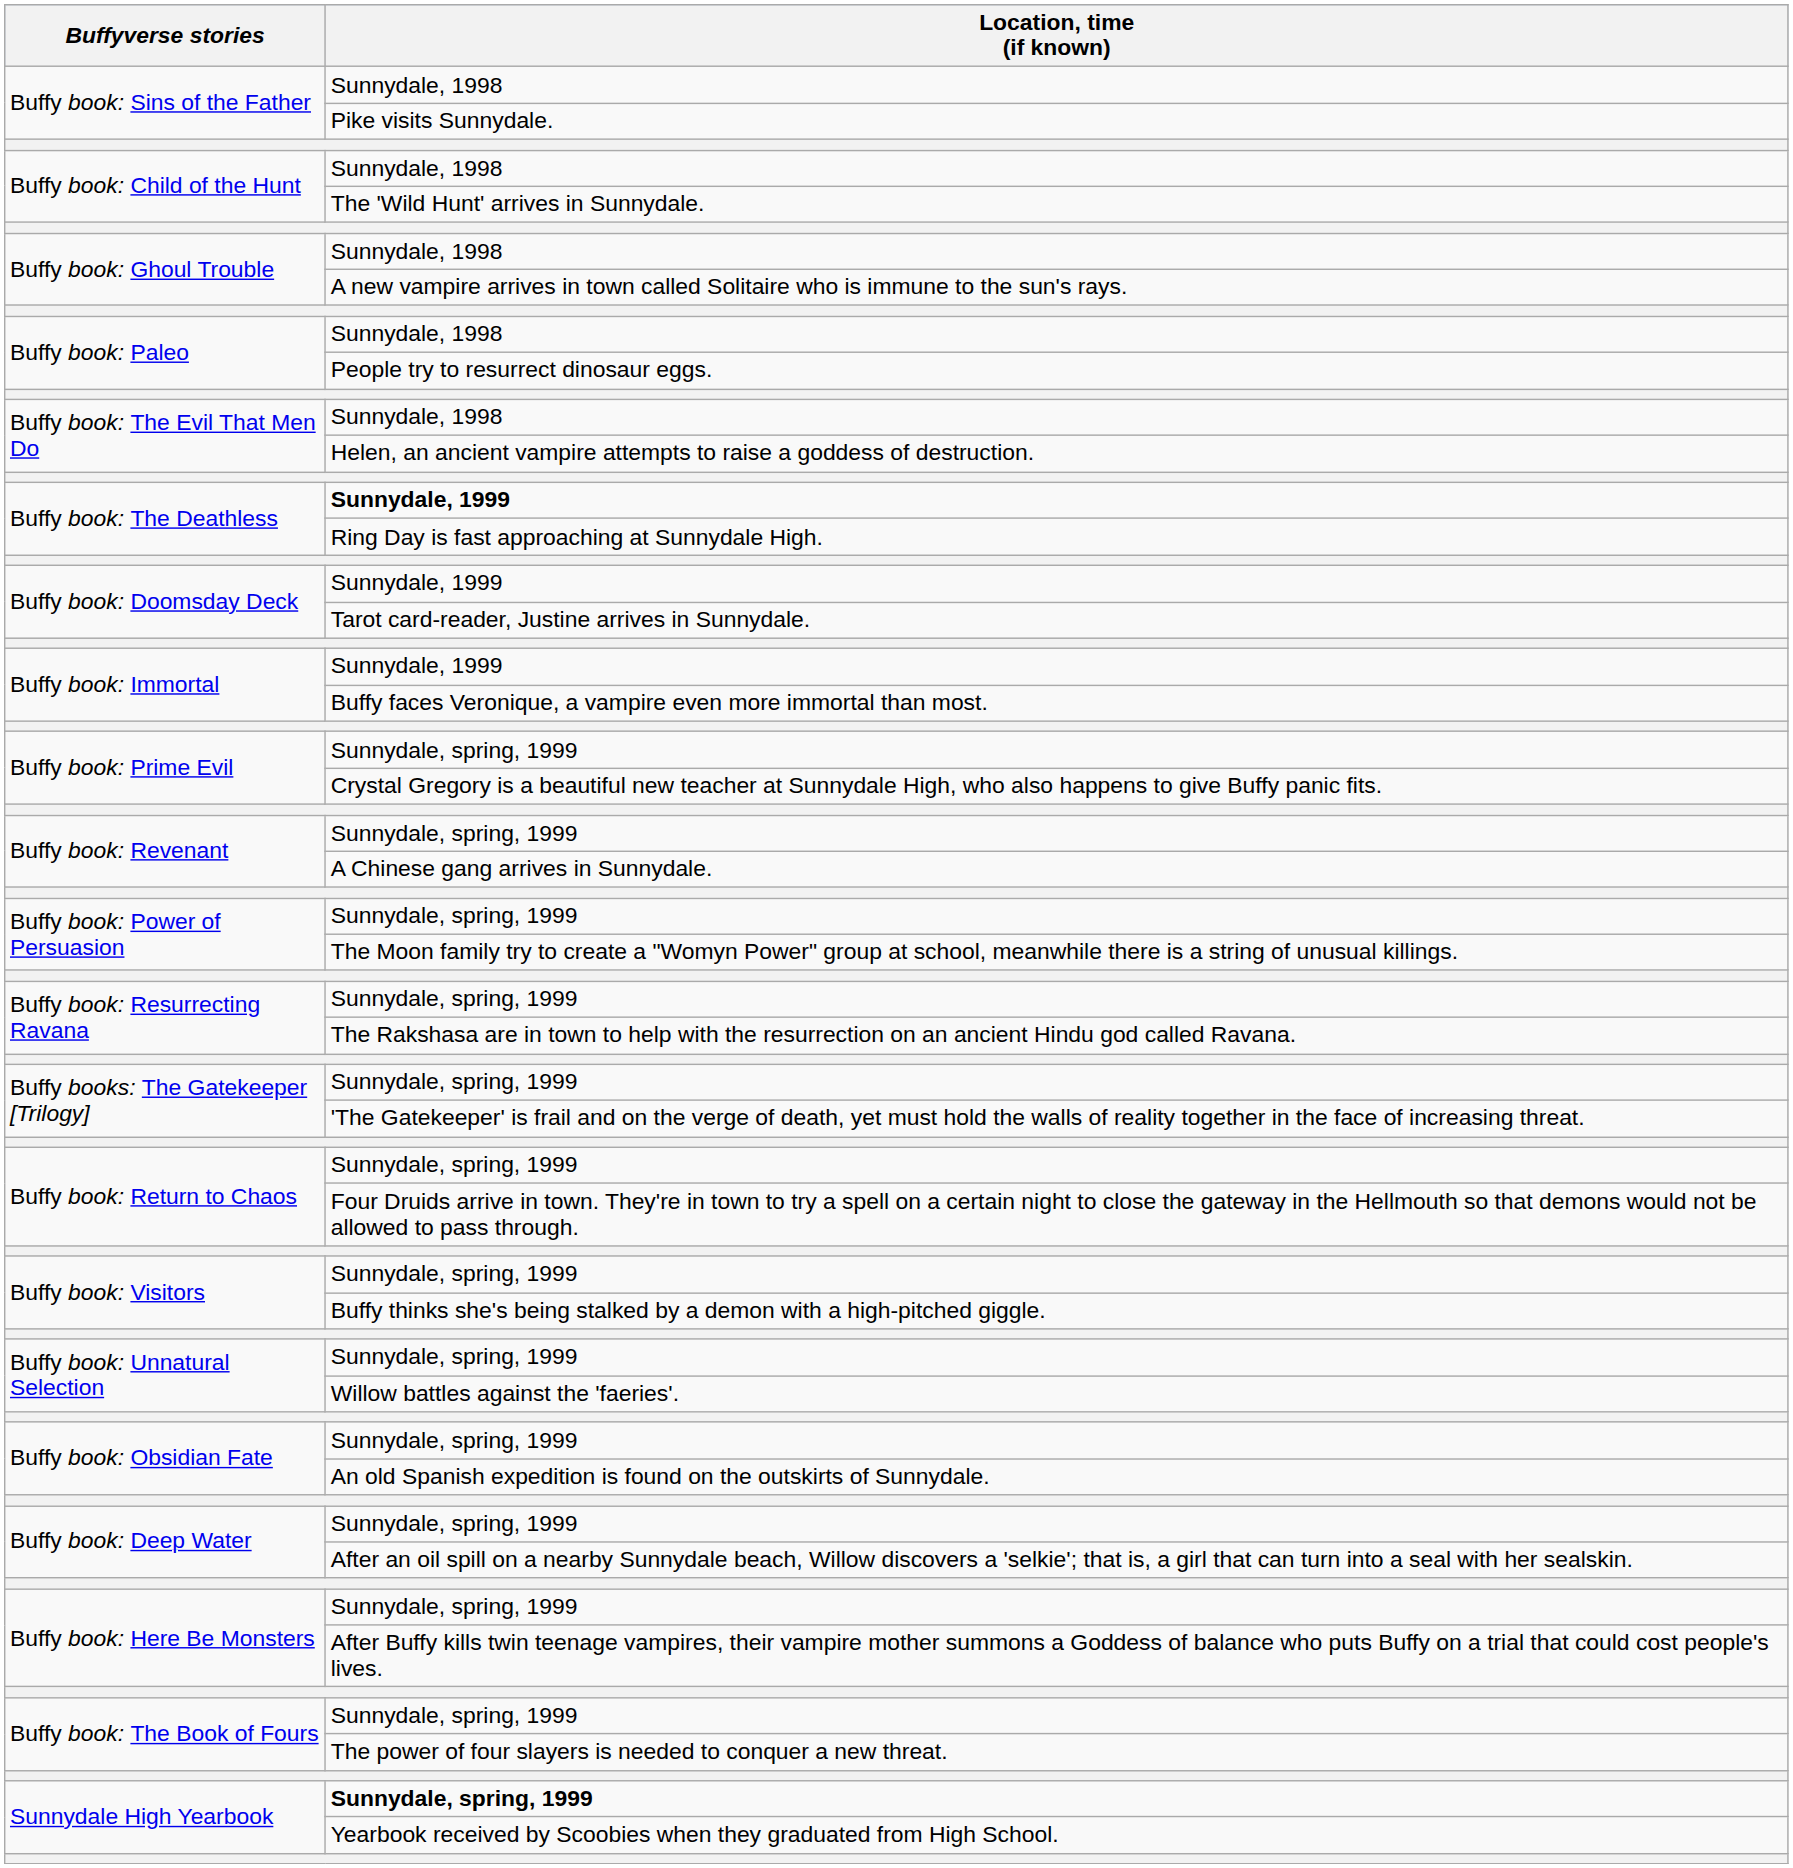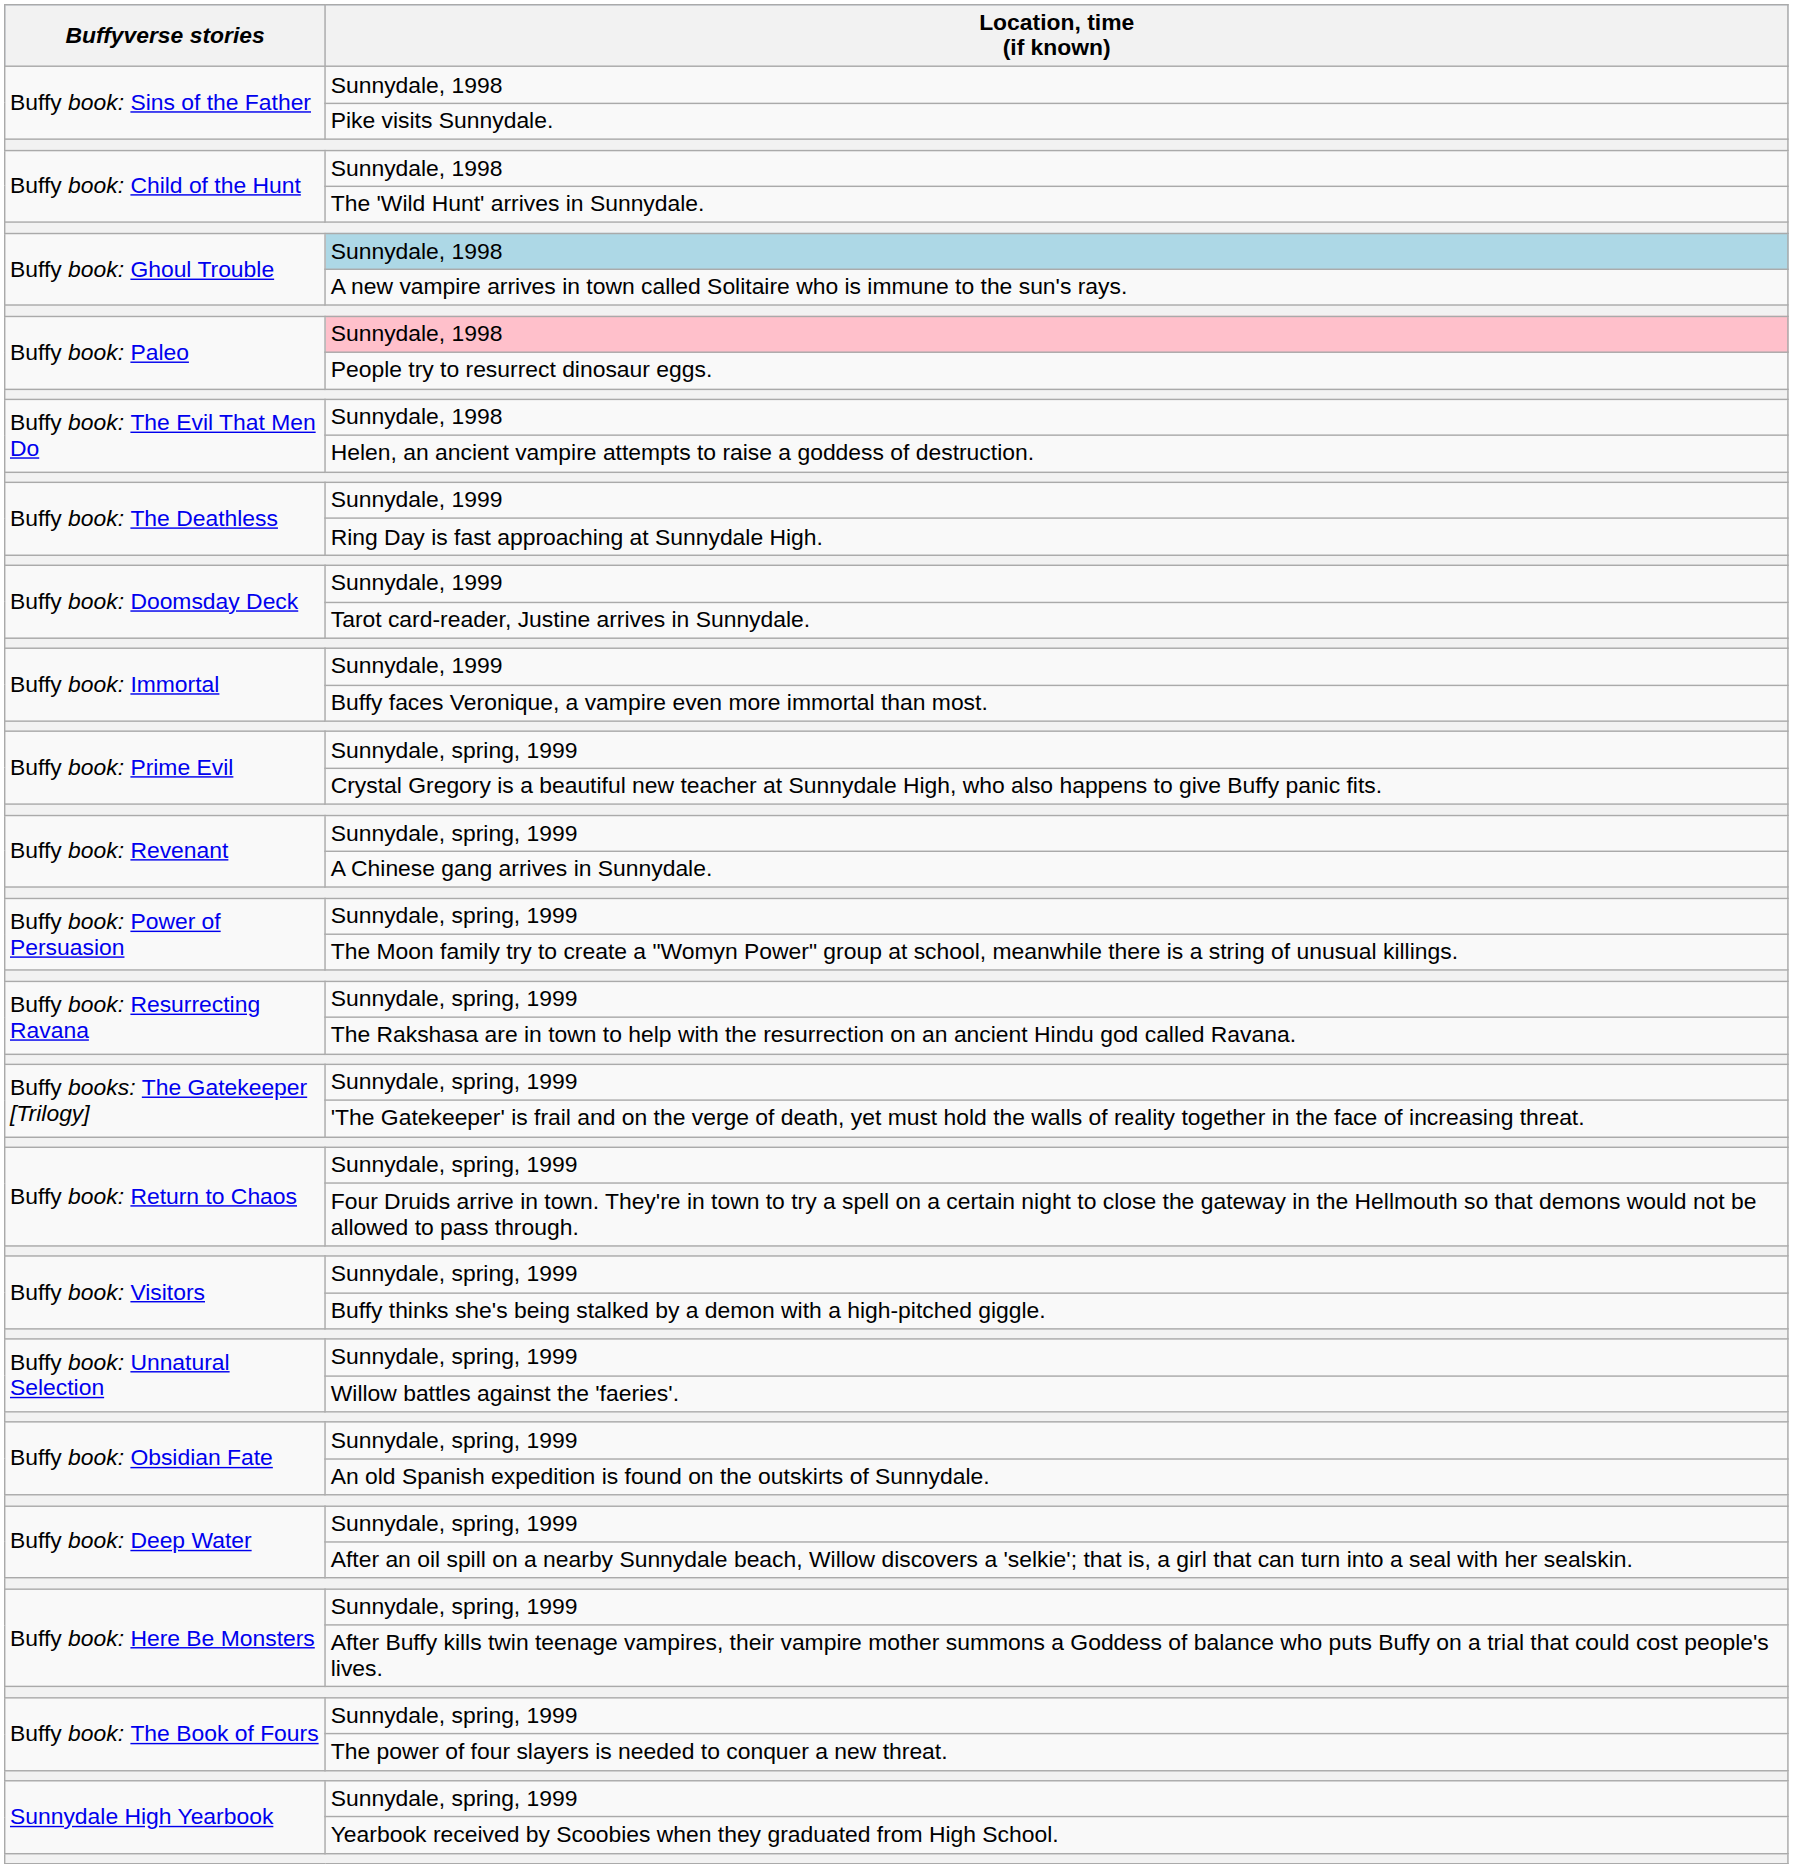 <table class="wikitable">
 <tr bgcolor="lightsteelblue" align=left>
 <th><strong><em>Buffyverse<em> stories<strong></th>
 <th></strong>Location, time<strong> <br>  (if known)</th>
 </tr>
 <tr>
 <td rowspan="2"></em>Buffy<em> book: </em><a href='#'>Sins of the Father</a><em></td>
 <td>Sunnydale, 1998</td>
 </tr>
 <tr>
 <td colspan="4">Pike visits Sunnydale.</td>
 </tr>
 <tr>
 <td colspan="6" bgcolor="#f2f2f2"></td>
 </tr>
 <tr>
 <td rowspan="2"></em>Buffy<em> book: </em><a href='#'>Child of the Hunt</a><em></td>
 <td>Sunnydale, 1998</td>
 </tr>
 <tr>
 <td colspan="4">The 'Wild Hunt' arrives in Sunnydale.</td>
 </tr>
 <tr>
 <td colspan="6" bgcolor="#f2f2f2"></td>
 </tr>
 <tr>
 <td rowspan="2"></em>Buffy<em> book: </em><a href='#'>Ghoul Trouble</a><em></td>
-<td>Sunnydale, 1998</td>
+<td style="background: lightblue;">Sunnydale, 1998</td>
 </tr>
 <tr>
 <td colspan="4">A new vampire arrives in town called Solitaire who is immune to the sun's rays.</td>
 </tr>
 <tr>
 <td colspan="6" bgcolor="#f2f2f2"></td>
 </tr>
 <tr>
 <td rowspan="2"></em>Buffy<em> book: </em><a href='#'>Paleo</a><em></td>
-<td>Sunnydale, 1998</td>
+<td style="background: pink;">Sunnydale, 1998</td>
 </tr>
 <tr>
 <td colspan="4">People try to resurrect dinosaur eggs.</td>
 </tr>
 <tr>
 <td colspan="6" bgcolor="#f2f2f2"></td>
 </tr>
 <tr>
 <td rowspan="2"></em>Buffy<em> book: </em><a href='#'>The Evil That Men Do</a><em></td>
 <td>Sunnydale, 1998</td>
 </tr>
 <tr>
 <td colspan="4">Helen, an ancient vampire attempts to raise a goddess of destruction.</td>
 </tr>
 <tr>
 <td colspan="6" bgcolor="#f2f2f2"></td>
 </tr>
 <tr>
 <td rowspan="2"></em>Buffy<em> book: </em><a href='#'>The Deathless</a><em></td>
-<td><strong>Sunnydale, 1999</strong></td>
+<td>Sunnydale, 1999</td>
 </tr>
 <tr>
 <td colspan="4">Ring Day is fast approaching at Sunnydale High.</td>
 </tr>
 <tr>
 <td colspan="6" bgcolor="#f2f2f2"></td>
 </tr>
 <tr>
 <td rowspan="2"></em>Buffy<em> book: </em><a href='#'>Doomsday Deck</a><em></td>
 <td>Sunnydale, 1999</td>
 </tr>
 <tr>
 <td colspan="4">Tarot card-reader, Justine arrives in Sunnydale.</td>
 </tr>
 <tr>
 <td colspan="6" bgcolor="#f2f2f2"></td>
 </tr>
 <tr>
 <td rowspan="2"></em>Buffy<em> book: </em><a href='#'>Immortal</a><em></td>
 <td>Sunnydale, 1999</td>
 </tr>
 <tr>
 <td colspan="4">Buffy faces Veronique, a vampire even more immortal than most.</td>
 </tr>
 <tr>
 <td colspan="6" bgcolor="#f2f2f2"></td>
 </tr>
 <tr>
 <td rowspan="2"></em>Buffy<em> book: </em><a href='#'>Prime Evil</a><em></td>
 <td>Sunnydale, spring, 1999</td>
 </tr>
 <tr>
 <td colspan="4">Crystal Gregory is a beautiful new teacher at Sunnydale High, who also happens to give Buffy panic fits.</td>
 </tr>
 <tr>
 <td colspan="6" bgcolor="#f2f2f2"></td>
 </tr>
 <tr>
 <td rowspan="2"></em>Buffy<em> book: </em><a href='#'>Revenant</a><em></td>
 <td>Sunnydale, spring, 1999</td>
 </tr>
 <tr>
 <td colspan="4">A Chinese gang arrives in Sunnydale.</td>
 </tr>
 <tr>
 <td colspan="6" bgcolor="#f2f2f2"></td>
 </tr>
 <tr>
 <td rowspan="2"></em>Buffy<em> book: </em><a href='#'>Power of Persuasion</a><em></td>
 <td>Sunnydale, spring, 1999</td>
 </tr>
 <tr>
 <td colspan="4">The Moon family try to create a "Womyn Power" group at school, meanwhile there is a string of unusual killings.</td>
 </tr>
 <tr>
 <td colspan="6" bgcolor="#f2f2f2"></td>
 </tr>
 <tr>
 <td rowspan="2"></em>Buffy<em> book: </em><a href='#'>Resurrecting Ravana</a><em></td>
 <td>Sunnydale, spring, 1999</td>
 </tr>
 <tr>
 <td colspan="4">The Rakshasa are in town to help with the resurrection on an ancient Hindu god called Ravana.</td>
 </tr>
 <tr>
 <td colspan="6" bgcolor="#f2f2f2"></td>
 </tr>
 <tr>
 <td rowspan="2"></em>Buffy<em> books: </em><a href='#'>The Gatekeeper</a><em> <br>[Trilogy]</td>
 <td>Sunnydale, spring, 1999</td>
 </tr>
 <tr>
 <td colspan="4">'The Gatekeeper' is frail and on the verge of death, yet must hold the walls of reality together in the face of increasing threat.</td>
 </tr>
 <tr>
 <td colspan="6" bgcolor="#f2f2f2"></td>
 </tr>
 <tr>
 <td rowspan="2"></em>Buffy<em> book: </em><a href='#'>Return to Chaos</a><em></td>
 <td>Sunnydale, spring, 1999</td>
 </tr>
 <tr>
 <td colspan="4">Four Druids arrive in town. They're in town to try a spell on a certain night to close the gateway in the Hellmouth so that demons would not be allowed to pass through.</td>
 </tr>
 <tr>
 <td colspan="6" bgcolor="#f2f2f2"></td>
 </tr>
 <tr>
 <td rowspan="2"></em>Buffy<em> book: </em><a href='#'>Visitors</a><em></td>
 <td>Sunnydale, spring, 1999</td>
 </tr>
 <tr>
 <td colspan="4">Buffy thinks she's being stalked by a demon with a high-pitched giggle.</td>
 </tr>
 <tr>
 <td colspan="6" bgcolor="#f2f2f2"></td>
 </tr>
 <tr>
 <td rowspan="2"></em>Buffy<em> book: </em><a href='#'>Unnatural Selection</a><em></td>
 <td>Sunnydale, spring, 1999</td>
 </tr>
 <tr>
 <td colspan="4">Willow battles against the 'faeries'.</td>
 </tr>
 <tr>
 <td colspan="6" bgcolor="#f2f2f2"></td>
 </tr>
 <tr>
 <td rowspan="2"></em>Buffy<em> book: </em><a href='#'>Obsidian Fate</a><em></td>
 <td>Sunnydale, spring, 1999</td>
 </tr>
 <tr>
 <td colspan="4">An old Spanish expedition is found on the outskirts of Sunnydale.</td>
 </tr>
 <tr>
 <td colspan="6" bgcolor="#f2f2f2"></td>
 </tr>
 <tr>
 <td rowspan="2"></em>Buffy<em> book: </em><a href='#'>Deep Water</a><em></td>
 <td>Sunnydale, spring, 1999</td>
 </tr>
 <tr>
 <td colspan="4">After an oil spill on a nearby Sunnydale beach, Willow discovers a 'selkie'; that is, a girl that can turn into a seal with her sealskin.</td>
 </tr>
 <tr>
 <td colspan="6" bgcolor="#f2f2f2"></td>
 </tr>
 <tr>
 <td rowspan="2"></em>Buffy<em> book: </em><a href='#'>Here Be Monsters</a><em></td>
 <td>Sunnydale, spring, 1999</td>
 </tr>
 <tr>
 <td colspan="4">After Buffy kills twin teenage vampires, their vampire mother summons a Goddess of balance who puts Buffy on a trial that could cost people's lives.</td>
 </tr>
 <tr>
 <td colspan="6" bgcolor="#f2f2f2"></td>
 </tr>
 <tr>
 <td rowspan="2"></em>Buffy<em> book: </em><a href='#'>The Book of Fours</a><em></td>
 <td>Sunnydale, spring, 1999</td>
 </tr>
 <tr>
 <td colspan="4">The power of four slayers is needed to conquer a new threat.</td>
 </tr>
 <tr>
 <td colspan="6" bgcolor="#f2f2f2"></td>
 </tr>
 <tr>
 <td rowspan="2"><a href='#'>Sunnydale High Yearbook</a></td>
-<td><strong>Sunnydale, spring, 1999</strong></td>
+<td>Sunnydale, spring, 1999</td>
 </tr>
 <tr>
 <td colspan="4">Yearbook received by Scoobies when they graduated from High School.</td>
 </tr>
 <tr>
 <td colspan="6" bgcolor="#f2f2f2"></td>
 </tr>
 </table>
